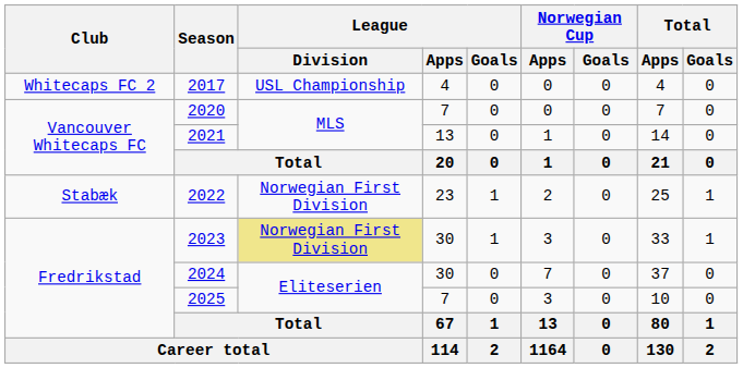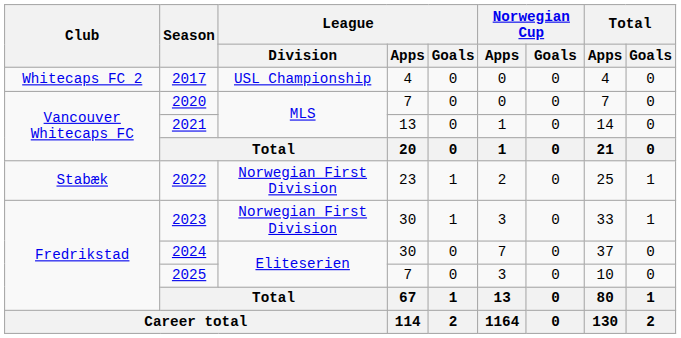 <table class="wikitable" style="text-align: center">
 <tr>
 <th rowspan="2">Club</th>
 <th rowspan="2">Season</th>
 <th colspan="3">League</th>
 <th colspan="2"><a href='#'>Norwegian Cup</a></th>
 <th colspan="2">Total</th>
 </tr>
 <tr>
 <th>Division</th>
 <th>Apps</th>
 <th>Goals</th>
 <th>Apps</th>
 <th>Goals</th>
 <th>Apps</th>
 <th>Goals</th>
 </tr>
 <tr>
 <td><a href='#'>Whitecaps FC 2</a></td>
 <td><a href='#'>2017</a></td>
 <td><a href='#'>USL Championship</a></td>
 <td>4</td>
 <td>0</td>
 <td>0</td>
 <td>0</td>
 <td>4</td>
 <td>0</td>
 </tr>
 <tr>
 <td rowspan="3"><a href='#'>Vancouver Whitecaps FC</a></td>
 <td><a href='#'>2020</a></td>
 <td rowspan="2"><a href='#'>MLS</a></td>
 <td>7</td>
 <td>0</td>
 <td>0</td>
 <td>0</td>
 <td>7</td>
 <td>0</td>
 </tr>
 <tr>
 <td><a href='#'>2021</a></td>
 <td>13</td>
 <td>0</td>
 <td>1</td>
 <td>0</td>
 <td>14</td>
 <td>0</td>
 </tr>
 <tr>
 <th colspan="2">Total</th>
 <th>20</th>
 <th>0</th>
 <th>1</th>
 <th>0</th>
 <th>21</th>
 <th>0</th>
 </tr>
 <tr>
 <td><a href='#'>Stabæk</a></td>
 <td><a href='#'>2022</a></td>
 <td><a href='#'>Norwegian First Division</a></td>
 <td>23</td>
 <td>1</td>
 <td>2</td>
 <td>0</td>
 <td>25</td>
 <td>1</td>
 </tr>
 <tr>
 <td rowspan="4"><a href='#'>Fredrikstad</a></td>
 <td><a href='#'>2023</a></td>
-<td style="background: khaki;"><a href='#'>Norwegian First Division</a></td>
+<td><a href='#'>Norwegian First Division</a></td>
 <td>30</td>
 <td>1</td>
 <td>3</td>
 <td>0</td>
 <td>33</td>
 <td>1</td>
 </tr>
 <tr>
 <td><a href='#'>2024</a></td>
 <td rowspan="2"><a href='#'>Eliteserien</a></td>
 <td>30</td>
 <td>0</td>
 <td>7</td>
 <td>0</td>
 <td>37</td>
 <td>0</td>
 </tr>
 <tr>
 <td><a href='#'>2025</a></td>
 <td>7</td>
 <td>0</td>
 <td>3</td>
 <td>0</td>
 <td>10</td>
 <td>0</td>
 </tr>
 <tr>
 <th colspan="2">Total</th>
 <th>67</th>
 <th>1</th>
 <th>13</th>
 <th>0</th>
 <th>80</th>
 <th>1</th>
 </tr>
 <tr>
 <th colspan="3">Career total</th>
 <th>114</th>
 <th>2</th>
 <th>1164</th>
 <th>0</th>
 <th>130</th>
 <th>2</th>
 </tr>
 </table>
